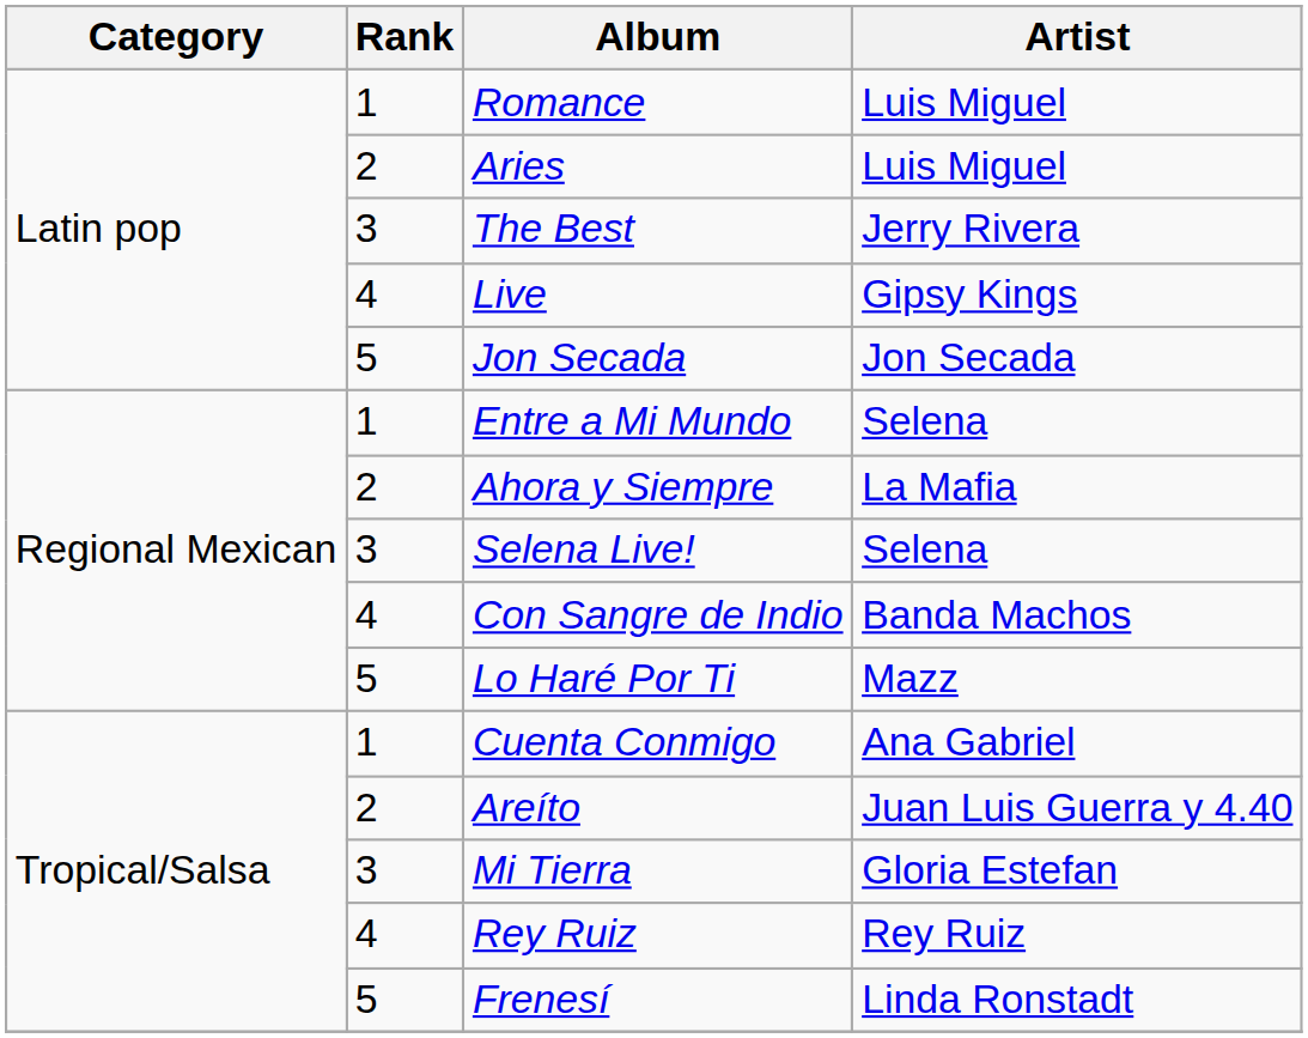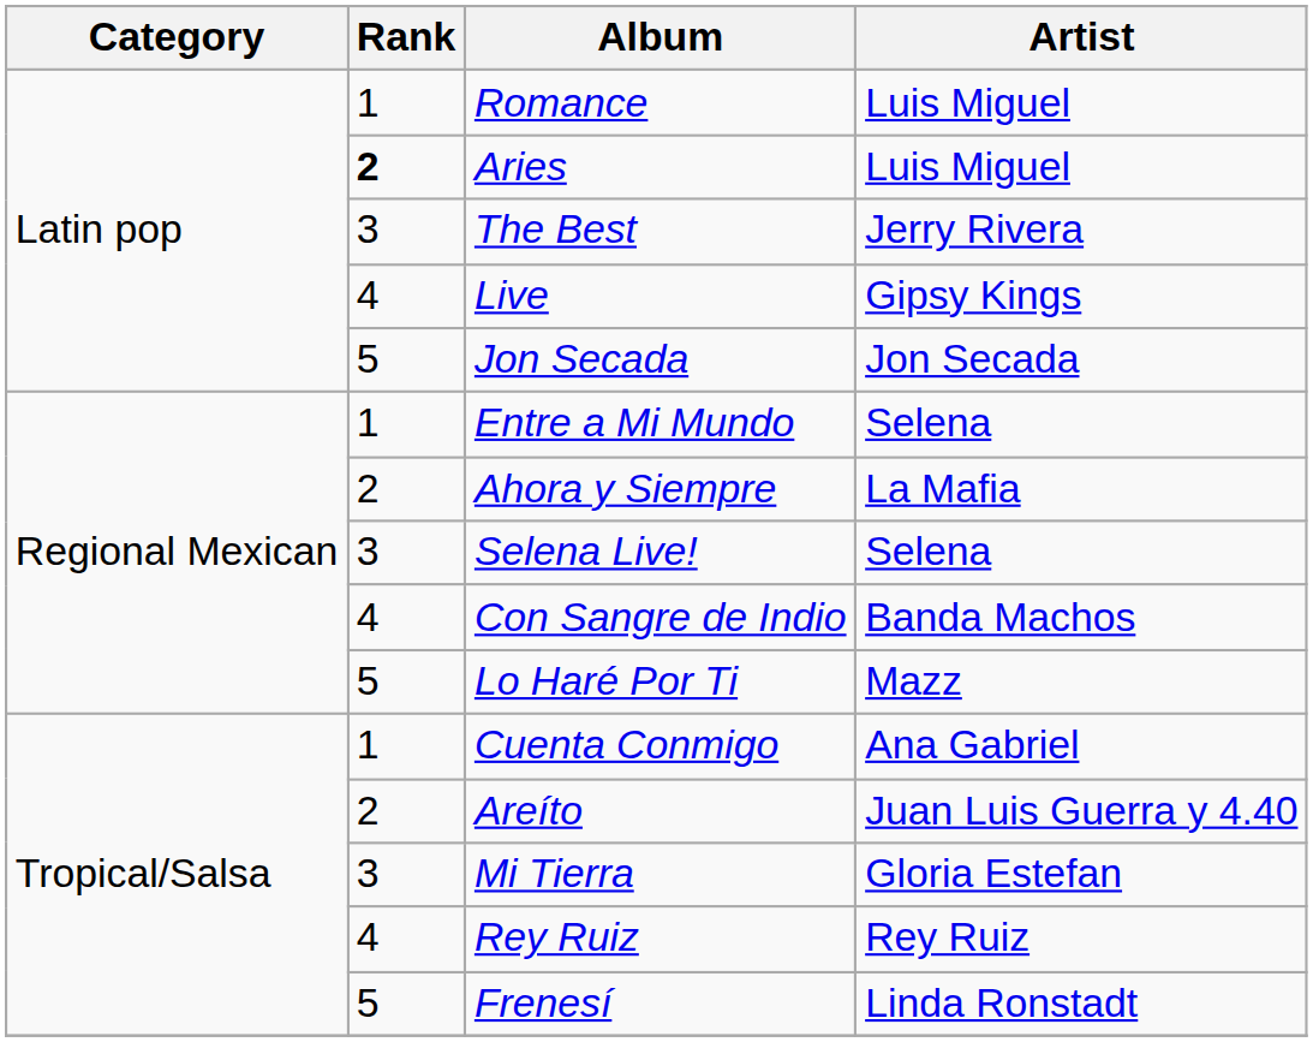 <table class="wikitable sortable">
 <tr>
 <th>Category</th>
 <th>Rank</th>
 <th>Album</th>
 <th>Artist</th>
 </tr>
 <tr>
 <td rowspan="5">Latin pop</td>
 <td>1</td>
 <td><em><a href='#'>Romance</a></em></td>
 <td><a href='#'>Luis Miguel</a></td>
 </tr>
 <tr>
-<td>2</td>
+<td><strong>2</strong></td>
 <td><em><a href='#'>Aries</a></em></td>
 <td><a href='#'>Luis Miguel</a></td>
 </tr>
 <tr>
 <td>3</td>
 <td><em><a href='#'>The Best</a></em></td>
 <td><a href='#'>Jerry Rivera</a></td>
 </tr>
 <tr>
 <td>4</td>
 <td><em><a href='#'>Live</a></em></td>
 <td><a href='#'>Gipsy Kings</a></td>
 </tr>
 <tr>
 <td>5</td>
 <td><em><a href='#'>Jon Secada</a></em></td>
 <td><a href='#'>Jon Secada</a></td>
 </tr>
 <tr>
 <td rowspan="5">Regional Mexican</td>
 <td>1</td>
 <td><em><a href='#'>Entre a Mi Mundo</a></em></td>
 <td><a href='#'>Selena</a></td>
 </tr>
 <tr>
 <td>2</td>
 <td><em><a href='#'>Ahora y Siempre</a></em></td>
 <td><a href='#'>La Mafia</a></td>
 </tr>
 <tr>
 <td>3</td>
 <td><em><a href='#'>Selena Live!</a></em></td>
 <td><a href='#'>Selena</a></td>
 </tr>
 <tr>
 <td>4</td>
 <td><em><a href='#'>Con Sangre de Indio</a></em></td>
 <td><a href='#'>Banda Machos</a></td>
 </tr>
 <tr>
 <td>5</td>
 <td><em><a href='#'>Lo Haré Por Ti</a></em></td>
 <td><a href='#'>Mazz</a></td>
 </tr>
 <tr>
 <td rowspan="5">Tropical/Salsa</td>
 <td>1</td>
 <td><em><a href='#'>Cuenta Conmigo</a></em></td>
 <td><a href='#'>Ana Gabriel</a></td>
 </tr>
 <tr>
 <td>2</td>
 <td><em><a href='#'>Areíto</a></em></td>
 <td><a href='#'>Juan Luis Guerra y 4.40</a></td>
 </tr>
 <tr>
 <td>3</td>
 <td><em><a href='#'>Mi Tierra</a></em></td>
 <td><a href='#'>Gloria Estefan</a></td>
 </tr>
 <tr>
 <td>4</td>
 <td><em><a href='#'>Rey Ruiz</a></em></td>
 <td><a href='#'>Rey Ruiz</a></td>
 </tr>
 <tr>
 <td>5</td>
 <td><em><a href='#'>Frenesí</a></em></td>
 <td><a href='#'>Linda Ronstadt</a></td>
 </tr>
 <tr>
 </tr>
 </table>
